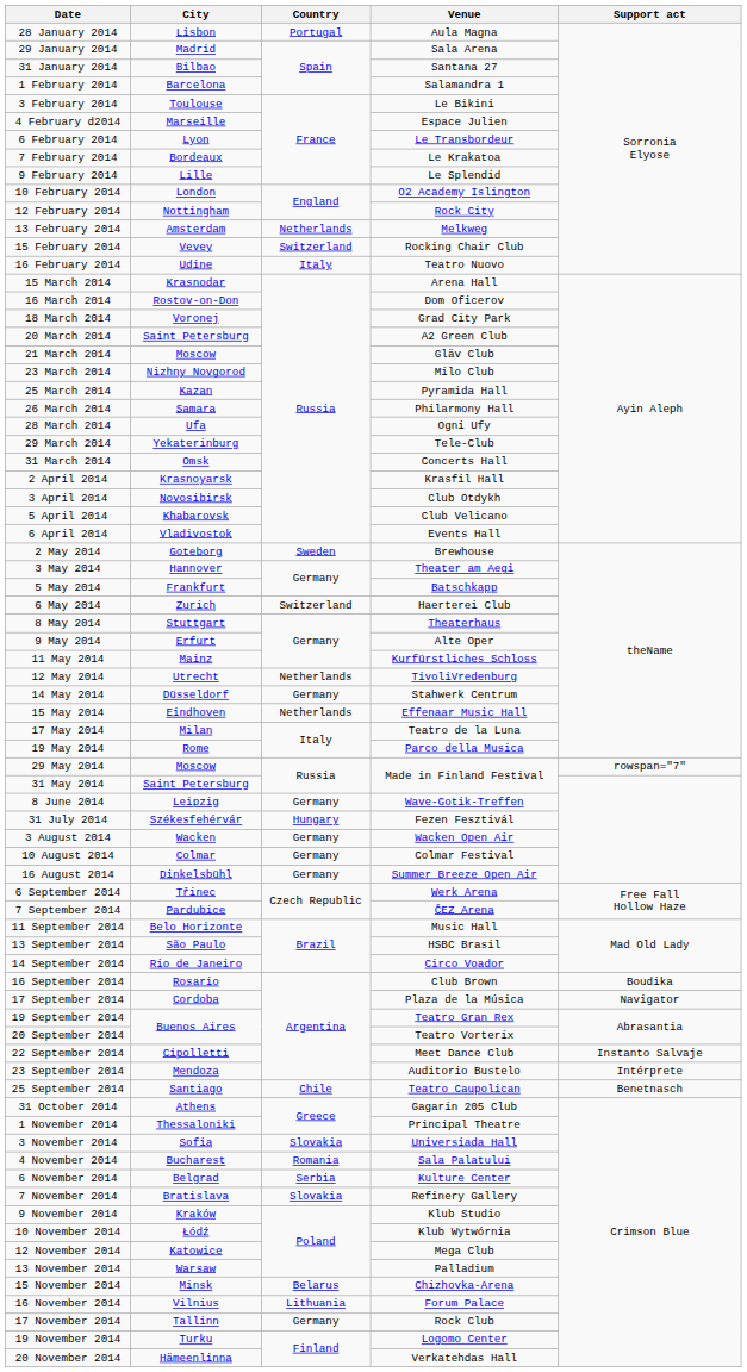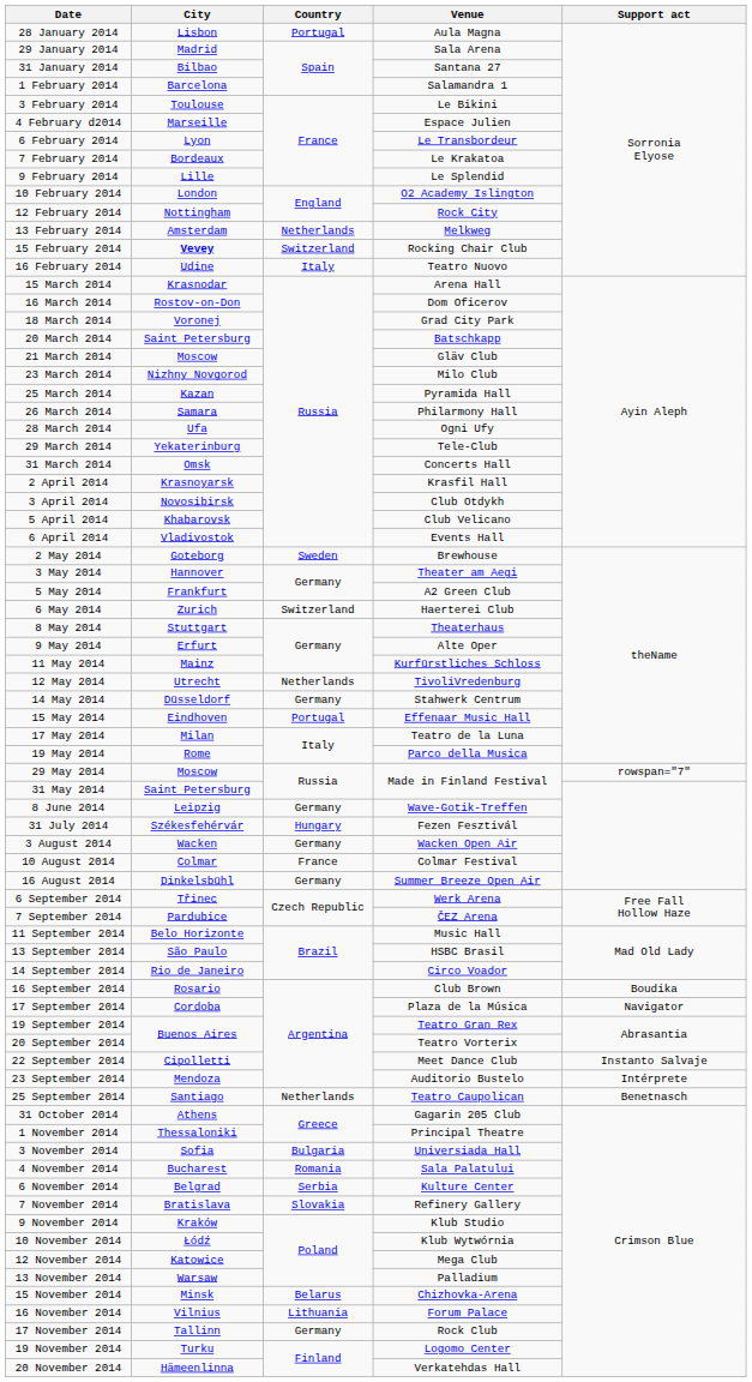 <table class="wikitable plainrowheaders" style="text-align:center;">
 <tr>
 <th scope="col" style="width:12em;">Date</th>
 <th scope="col" style="width:12em;">City</th>
 <th scope="col" style="width:10em;">Country</th>
 <th scope="col" style="width:18em;">Venue</th>
 <th scope="col" style="width:18em;">Support act</th>
 </tr>
 <tr>
 <td style="text-align:center">28 January 2014</td>
 <td style="text-align:center"><a href='#'>Lisbon</a></td>
 <td style="text-align:center"><a href='#'>Portugal</a></td>
 <td style="text-align:center">Aula Magna</td>
 <td style="text-align:center" rowspan="14">Sorronia <br>Elyose</td>
 </tr>
 <tr>
 <td style="text-align:center">29 January 2014</td>
 <td style="text-align:center"><a href='#'>Madrid</a></td>
 <td style="text-align:center" rowspan="3"><a href='#'>Spain</a></td>
 <td style="text-align:center">Sala Arena</td>
 </tr>
 <tr>
 <td style="text-align:center">31 January 2014</td>
 <td style="text-align:center"><a href='#'>Bilbao</a></td>
 <td style="text-align:center">Santana 27</td>
 </tr>
 <tr>
 <td style="text-align:center">1 February 2014</td>
 <td style="text-align:center"><a href='#'>Barcelona</a></td>
 <td style="text-align:center">Salamandra 1</td>
 </tr>
 <tr>
 <td style="text-align:center">3 February 2014</td>
 <td style="text-align:center"><a href='#'>Toulouse</a></td>
 <td style="text-align:center" rowspan="5"><a href='#'>France</a></td>
 <td style="text-align:center">Le Bikini</td>
 </tr>
 <tr>
 <td style="text-align:center">4 February d2014</td>
 <td style="text-align:center"><a href='#'>Marseille</a></td>
 <td style="text-align:center">Espace Julien</td>
 </tr>
 <tr>
 <td style="text-align:center">6 February 2014</td>
 <td style="text-align:center"><a href='#'>Lyon</a></td>
 <td style="text-align:center"><a href='#'>Le Transbordeur</a></td>
 </tr>
 <tr>
 <td style="text-align:center">7 February 2014</td>
 <td style="text-align:center"><a href='#'>Bordeaux</a></td>
 <td style="text-align:center">Le Krakatoa</td>
 </tr>
 <tr>
 <td style="text-align:center">9 February 2014</td>
 <td style="text-align:center"><a href='#'>Lille</a></td>
 <td style="text-align:center">Le Splendid</td>
 </tr>
 <tr>
 <td style="text-align:center">10 February 2014</td>
 <td style="text-align:center"><a href='#'>London</a></td>
 <td style="text-align:center" rowspan="2"><a href='#'>England</a></td>
 <td style="text-align:center"><a href='#'>O2 Academy Islington</a></td>
 </tr>
 <tr>
 <td style="text-align:center">12 February 2014</td>
 <td style="text-align:center"><a href='#'>Nottingham</a></td>
 <td style="text-align:center"><a href='#'>Rock City</a></td>
 </tr>
 <tr>
 <td style="text-align:center">13 February 2014</td>
 <td style="text-align:center"><a href='#'>Amsterdam</a></td>
 <td style="text-align:center"><a href='#'>Netherlands</a></td>
 <td style="text-align:center"><a href='#'>Melkweg</a></td>
 </tr>
 <tr>
 <td style="text-align:center">15 February 2014</td>
-<td style="text-align:center"><a href='#'>Vevey</a></td>
+<td style="text-align:center"><strong><a href='#'>Vevey</a></strong></td>
 <td style="text-align:center"><a href='#'>Switzerland</a></td>
 <td style="text-align:center">Rocking Chair Club</td>
 </tr>
 <tr>
 <td style="text-align:center">16 February 2014</td>
 <td style="text-align:center"><a href='#'>Udine</a></td>
 <td style="text-align:center"><a href='#'>Italy</a></td>
 <td style="text-align:center">Teatro Nuovo</td>
 </tr>
 <tr>
 <td style="text-align:center">15 March 2014</td>
 <td style="text-align:center"><a href='#'>Krasnodar</a></td>
 <td style="text-align:center" rowspan="15"><a href='#'>Russia</a></td>
 <td style="text-align:center">Arena Hall</td>
 <td style="text-align:center" rowspan="15">Ayin Aleph</td>
 </tr>
 <tr>
 <td style="text-align:center">16 March 2014</td>
 <td style="text-align:center"><a href='#'>Rostov-on-Don</a></td>
 <td style="text-align:center">Dom Oficerov</td>
 </tr>
 <tr>
 <td style="text-align:center">18 March 2014</td>
 <td style="text-align:center"><a href='#'>Voronej</a></td>
 <td style="text-align:center">Grad City Park</td>
 </tr>
 <tr>
 <td style="text-align:center">20 March 2014</td>
 <td style="text-align:center"><a href='#'>Saint Petersburg</a></td>
-<td style="text-align:center">A2 Green Club</td>
+<td style="text-align:center"><a href='#'>Batschkapp</a></td>
 </tr>
 <tr>
 <td style="text-align:center">21 March 2014</td>
 <td style="text-align:center"><a href='#'>Moscow</a></td>
 <td style="text-align:center">Gläv Club</td>
 </tr>
 <tr>
 <td style="text-align:center">23 March 2014</td>
 <td style="text-align:center"><a href='#'>Nizhny Novgorod</a></td>
 <td style="text-align:center">Milo Club</td>
 </tr>
 <tr>
 <td style="text-align:center">25 March 2014</td>
 <td style="text-align:center"><a href='#'>Kazan</a></td>
 <td style="text-align:center">Pyramida Hall</td>
 </tr>
 <tr>
 <td style="text-align:center">26 March 2014</td>
 <td style="text-align:center"><a href='#'>Samara</a></td>
 <td style="text-align:center">Philarmony Hall</td>
 </tr>
 <tr>
 <td style="text-align:center">28 March 2014</td>
 <td style="text-align:center"><a href='#'>Ufa</a></td>
 <td style="text-align:center">Ogni Ufy</td>
 </tr>
 <tr>
 <td style="text-align:center">29 March 2014</td>
 <td style="text-align:center"><a href='#'>Yekaterinburg</a></td>
 <td style="text-align:center">Tele-Club</td>
 </tr>
 <tr>
 <td style="text-align:center">31 March 2014</td>
 <td style="text-align:center"><a href='#'>Omsk</a></td>
 <td style="text-align:center">Concerts Hall</td>
 </tr>
 <tr>
 <td style="text-align:center">2 April 2014</td>
 <td style="text-align:center"><a href='#'>Krasnoyarsk</a></td>
 <td style="text-align:center">Krasfil Hall</td>
 </tr>
 <tr>
 <td style="text-align:center">3 April 2014</td>
 <td style="text-align:center"><a href='#'>Novosibirsk</a></td>
 <td style="text-align:center">Club Otdykh</td>
 </tr>
 <tr>
 <td style="text-align:center">5 April 2014</td>
 <td style="text-align:center"><a href='#'>Khabarovsk</a></td>
 <td style="text-align:center">Club Velicano</td>
 </tr>
 <tr>
 <td style="text-align:center">6 April 2014</td>
 <td style="text-align:center"><a href='#'>Vladivostok</a></td>
 <td style="text-align:center">Events Hall</td>
 </tr>
 <tr>
 <td style="text-align:center">2 May 2014</td>
 <td style="text-align:center"><a href='#'>Goteborg</a></td>
 <td style="text-align:center"><a href='#'>Sweden</a></td>
 <td style="text-align:center">Brewhouse</td>
 <td style="text-align:center" rowspan="12">theName</td>
 </tr>
 <tr>
 <td style="text-align:center">3 May 2014</td>
 <td style="text-align:center"><a href='#'>Hannover</a></td>
 <td style="text-align:center" rowspan="2">Germany</td>
 <td style="text-align:center"><a href='#'>Theater am Aegi</a></td>
 </tr>
 <tr>
 <td style="text-align:center">5 May 2014</td>
 <td style="text-align:center"><a href='#'>Frankfurt</a></td>
-<td style="text-align:center"><a href='#'>Batschkapp</a></td>
+<td style="text-align:center">A2 Green Club</td>
 </tr>
 <tr>
 <td style="text-align:center">6 May 2014</td>
 <td style="text-align:center"><a href='#'>Zurich</a></td>
 <td style="text-align:center">Switzerland</td>
 <td style="text-align:center">Haerterei Club</td>
 </tr>
 <tr>
 <td style="text-align:center">8 May 2014</td>
 <td style="text-align:center"><a href='#'>Stuttgart</a></td>
 <td style="text-align:center" rowspan="3">Germany</td>
 <td style="text-align:center"><a href='#'>Theaterhaus</a></td>
 </tr>
 <tr>
 <td style="text-align:center">9 May 2014</td>
 <td style="text-align:center"><a href='#'>Erfurt</a></td>
 <td style="text-align:center">Alte Oper</td>
 </tr>
 <tr>
 <td style="text-align:center">11 May 2014</td>
 <td style="text-align:center"><a href='#'>Mainz</a></td>
 <td style="text-align:center"><a href='#'>Kurfürstliches Schloss</a></td>
 </tr>
 <tr>
 <td style="text-align:center">12 May 2014</td>
 <td style="text-align:center"><a href='#'>Utrecht</a></td>
 <td style="text-align:center">Netherlands</td>
 <td style="text-align:center"><a href='#'>TivoliVredenburg</a></td>
 </tr>
 <tr>
 <td style="text-align:center">14 May 2014</td>
 <td style="text-align:center"><a href='#'>Düsseldorf</a></td>
 <td style="text-align:center">Germany</td>
 <td style="text-align:center">Stahwerk Centrum</td>
 </tr>
 <tr>
 <td style="text-align:center">15 May 2014</td>
 <td style="text-align:center"><a href='#'>Eindhoven</a></td>
-<td style="text-align:center">Netherlands</td>
+<td style="text-align:center"><a href='#'>Portugal</a></td>
 <td style="text-align:center"><a href='#'>Effenaar Music Hall</a></td>
 </tr>
 <tr>
 <td style="text-align:center">17 May 2014</td>
 <td style="text-align:center"><a href='#'>Milan</a></td>
 <td style="text-align:center" rowspan="2">Italy</td>
 <td style="text-align:center">Teatro de la Luna</td>
 </tr>
 <tr>
 <td style="text-align:center">19 May 2014</td>
 <td style="text-align:center"><a href='#'>Rome</a></td>
 <td style="text-align:center"><a href='#'>Parco della Musica</a></td>
 </tr>
 <tr>
 <td style="text-align:center">29 May 2014</td>
 <td style="text-align:center"><a href='#'>Moscow</a></td>
 <td style="text-align:center" rowspan="2">Russia</td>
 <td style="text-align:center" rowspan="2">Made in Finland Festival</td>
 <td>rowspan="7" </td>
 </tr>
 <tr>
 <td style="text-align:center">31 May 2014</td>
 <td style="text-align:center"><a href='#'>Saint Petersburg</a></td>
 </tr>
 <tr>
 <td style="text-align:center">8 June 2014</td>
 <td style="text-align:center"><a href='#'>Leipzig</a></td>
 <td style="text-align:center">Germany</td>
 <td style="text-align:center"><a href='#'>Wave-Gotik-Treffen</a></td>
 </tr>
 <tr>
 <td style="text-align:center">31 July 2014</td>
 <td style="text-align:center"><a href='#'>Székesfehérvár</a></td>
 <td style="text-align:center"><a href='#'>Hungary</a></td>
 <td style="text-align:center">Fezen Fesztivál</td>
 </tr>
 <tr>
 <td style="text-align:center">3 August 2014</td>
 <td style="text-align:center"><a href='#'>Wacken</a></td>
 <td style="text-align:center">Germany</td>
 <td style="text-align:center"><a href='#'>Wacken Open Air</a></td>
 </tr>
 <tr>
 <td style="text-align:center">10 August 2014</td>
 <td style="text-align:center"><a href='#'>Colmar</a></td>
-<td style="text-align:center">Germany</td>
+<td style="text-align:center">France</td>
 <td style="text-align:center">Colmar Festival</td>
 </tr>
 <tr>
 <td style="text-align:center">16 August 2014</td>
 <td style="text-align:center"><a href='#'>Dinkelsbühl</a></td>
 <td style="text-align:center">Germany</td>
 <td style="text-align:center"><a href='#'>Summer Breeze Open Air</a></td>
 </tr>
 <tr>
 <td style="text-align:center">6 September 2014</td>
 <td style="text-align:center"><a href='#'>Třinec</a></td>
 <td style="text-align:center" rowspan="2">Czech Republic</td>
 <td style="text-align:center"><a href='#'>Werk Arena</a></td>
 <td style="text-align:center" rowspan="2">Free Fall<br>Hollow Haze<br></td>
 </tr>
 <tr>
 <td style="text-align:center">7 September 2014</td>
 <td style="text-align:center"><a href='#'>Pardubice</a></td>
 <td style="text-align:center"><a href='#'>ČEZ Arena</a></td>
 </tr>
 <tr>
 <td style="text-align:center">11 September 2014</td>
 <td style="text-align:center"><a href='#'>Belo Horizonte</a></td>
 <td style="text-align:center" rowspan="3"><a href='#'>Brazil</a></td>
 <td style="text-align:center">Music Hall</td>
 <td style="text-align:center" rowspan="3">Mad Old Lady</td>
 </tr>
 <tr>
 <td style="text-align:center">13 September 2014</td>
 <td style="text-align:center"><a href='#'>São Paulo</a></td>
 <td style="text-align:center">HSBC Brasil</td>
 </tr>
 <tr>
 <td style="text-align:center">14 September 2014</td>
 <td style="text-align:center"><a href='#'>Rio de Janeiro</a></td>
 <td style="text-align:center"><a href='#'>Circo Voador</a></td>
 </tr>
 <tr>
 <td style="text-align:center">16 September 2014</td>
 <td style="text-align:center"><a href='#'>Rosario</a></td>
 <td style="text-align:center" rowspan="6"><a href='#'>Argentina</a></td>
 <td style="text-align:center">Club Brown</td>
 <td style="text-align:center">Boudika</td>
 </tr>
 <tr>
 <td style="text-align:center">17 September 2014</td>
 <td style="text-align:center"><a href='#'>Cordoba</a></td>
 <td style="text-align:center">Plaza de la Música</td>
 <td style="text-align:center">Navigator</td>
 </tr>
 <tr>
 <td style="text-align:center">19 September 2014</td>
 <td style="text-align:center" rowspan="2"><a href='#'>Buenos Aires</a></td>
 <td style="text-align:center"><a href='#'>Teatro Gran Rex</a></td>
 <td style="text-align:center" rowspan="2">Abrasantia<br></td>
 </tr>
 <tr>
 <td style="text-align:center">20 September 2014</td>
 <td style="text-align:center">Teatro Vorterix</td>
 </tr>
 <tr>
 <td style="text-align:center">22 September 2014</td>
 <td style="text-align:center"><a href='#'>Cipolletti</a></td>
 <td style="text-align:center">Meet Dance Club</td>
 <td style="text-align:center">Instanto Salvaje</td>
 </tr>
 <tr>
 <td style="text-align:center">23 September 2014</td>
 <td style="text-align:center"><a href='#'>Mendoza</a></td>
 <td style="text-align:center">Auditorio Bustelo</td>
 <td style="text-align:center">Intérprete</td>
 </tr>
 <tr>
 <td style="text-align:center">25 September 2014</td>
 <td style="text-align:center"><a href='#'>Santiago</a></td>
-<td style="text-align:center"><a href='#'>Chile</a></td>
+<td style="text-align:center">Netherlands</td>
 <td style="text-align:center"><a href='#'>Teatro Caupolican</a></td>
 <td style="text-align:center">Benetnasch</td>
 </tr>
 <tr>
 <td style="text-align:center">31 October 2014</td>
 <td style="text-align:center"><a href='#'>Athens</a></td>
 <td style="text-align:center" rowspan="2"><a href='#'>Greece</a></td>
 <td style="text-align:center">Gagarin 205 Club</td>
 <td style="text-align:center" rowspan="15">Crimson Blue</td>
 </tr>
 <tr>
 <td style="text-align:center">1 November 2014</td>
 <td style="text-align:center"><a href='#'>Thessaloniki</a></td>
 <td style="text-align:center">Principal Theatre</td>
 </tr>
 <tr>
 <td style="text-align:center">3 November 2014</td>
 <td style="text-align:center"><a href='#'>Sofia</a></td>
-<td style="text-align:center"><a href='#'>Slovakia</a></td>
+<td style="text-align:center"><a href='#'>Bulgaria</a></td>
 <td style="text-align:center"><a href='#'>Universiada Hall</a></td>
 </tr>
 <tr>
 <td style="text-align:center">4 November 2014</td>
 <td style="text-align:center"><a href='#'>Bucharest</a></td>
 <td style="text-align:center"><a href='#'>Romania</a></td>
 <td style="text-align:center"><a href='#'>Sala Palatului</a></td>
 </tr>
 <tr>
 <td style="text-align:center">6 November 2014</td>
 <td style="text-align:center"><a href='#'>Belgrad</a></td>
 <td style="text-align:center"><a href='#'>Serbia</a></td>
 <td style="text-align:center"><a href='#'>Kulture Center</a></td>
 </tr>
 <tr>
 <td style="text-align:center">7 November 2014</td>
 <td style="text-align:center"><a href='#'>Bratislava</a></td>
 <td style="text-align:center"><a href='#'>Slovakia</a></td>
 <td style="text-align:center">Refinery Gallery</td>
 </tr>
 <tr>
 <td style="text-align:center">9 November 2014</td>
 <td style="text-align:center"><a href='#'>Kraków</a></td>
 <td style="text-align:center" rowspan="4"><a href='#'>Poland</a></td>
 <td style="text-align:center">Klub Studio</td>
 </tr>
 <tr>
 <td style="text-align:center">10 November 2014</td>
 <td style="text-align:center"><a href='#'>Łódź</a></td>
 <td style="text-align:center">Klub Wytwórnia</td>
 </tr>
 <tr>
 <td style="text-align:center">12 November 2014</td>
 <td style="text-align:center"><a href='#'>Katowice</a></td>
 <td style="text-align:center">Mega Club</td>
 </tr>
 <tr>
 <td style="text-align:center">13 November 2014</td>
 <td style="text-align:center"><a href='#'>Warsaw</a></td>
 <td style="text-align:center">Palladium</td>
 </tr>
 <tr>
 <td style="text-align:center">15 November 2014</td>
 <td style="text-align:center"><a href='#'>Minsk</a></td>
 <td style="text-align:center"><a href='#'>Belarus</a></td>
 <td style="text-align:center"><a href='#'>Chizhovka-Arena</a></td>
 </tr>
 <tr>
 <td style="text-align:center">16 November 2014</td>
 <td style="text-align:center"><a href='#'>Vilnius</a></td>
 <td style="text-align:center"><a href='#'>Lithuania</a></td>
 <td style="text-align:center"><a href='#'>Forum Palace</a></td>
 </tr>
 <tr>
 <td style="text-align:center">17 November 2014</td>
 <td style="text-align:center"><a href='#'>Tallinn</a></td>
 <td style="text-align:center">Germany</td>
 <td style="text-align:center">Rock Club</td>
 </tr>
 <tr>
 <td style="text-align:center">19 November 2014</td>
 <td style="text-align:center"><a href='#'>Turku</a></td>
 <td style="text-align:center" rowspan="2"><a href='#'>Finland</a></td>
 <td style="text-align:center"><a href='#'>Logomo Center</a></td>
 </tr>
 <tr>
 <td style="text-align:center">20 November 2014</td>
 <td style="text-align:center"><a href='#'>Hämeenlinna</a></td>
 <td style="text-align:center">Verkatehdas Hall</td>
 </tr>
 </table>
